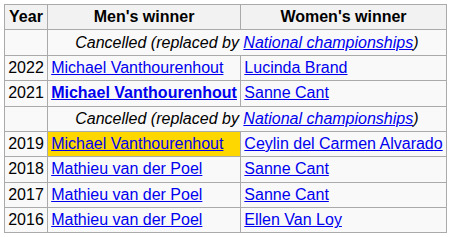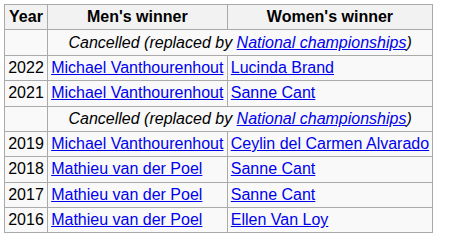 <table class="wikitable">
 <tr>
 <th>Year</th>
 <th>Men's winner</th>
 <th>Women's winner</th>
 </tr>
 <tr>
 <td></td>
 <td colspan=2 align=center><em>Cancelled (replaced by <a href='#'>National championships</a>)</em></td>
 </tr>
 <tr>
 <td>2022</td>
 <td> <a href='#'>Michael Vanthourenhout</a></td>
 <td> <a href='#'>Lucinda Brand</a></td>
 </tr>
 <tr>
 <td>2021</td>
-<td><strong> <a href='#'>Michael Vanthourenhout</a></strong></td>
+<td> <a href='#'>Michael Vanthourenhout</a></td>
 <td> <a href='#'>Sanne Cant</a></td>
 </tr>
 <tr>
 <td></td>
 <td colspan=2 align=center><em>Cancelled (replaced by <a href='#'>National championships</a>)</em></td>
 </tr>
 <tr>
 <td>2019</td>
-<td style="background: gold;"> <a href='#'>Michael Vanthourenhout</a></td>
+<td> <a href='#'>Michael Vanthourenhout</a></td>
 <td> <a href='#'>Ceylin del Carmen Alvarado</a></td>
 </tr>
 <tr>
 <td>2018</td>
 <td> <a href='#'>Mathieu van der Poel</a></td>
 <td> <a href='#'>Sanne Cant</a></td>
 </tr>
 <tr>
 <td>2017</td>
 <td> <a href='#'>Mathieu van der Poel</a></td>
 <td> <a href='#'>Sanne Cant</a></td>
 </tr>
 <tr>
 <td>2016</td>
 <td> <a href='#'>Mathieu van der Poel</a></td>
 <td> <a href='#'>Ellen Van Loy</a></td>
 </tr>
 </table>
